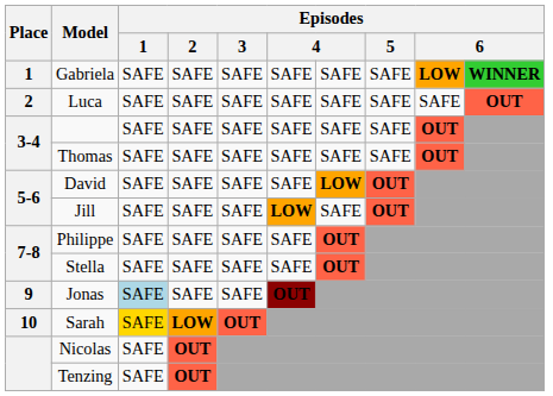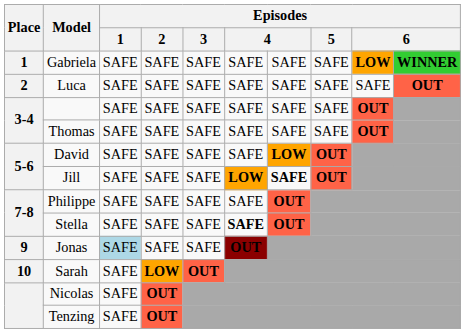 <table class="wikitable" style="text-align:center; font-size:92%">
 <tr>
 <th rowspan="2">Place</th>
 <th rowspan="2">Model</th>
 <th colspan="20">Episodes</th>
 </tr>
 <tr>
 <th>1</th>
 <th>2</th>
 <th>3</th>
 <th colspan="2">4</th>
 <th>5</th>
 <th colspan="2">6</th>
 </tr>
 <tr>
 <th>1</th>
 <td>Gabriela</td>
 <td>SAFE</td>
 <td>SAFE</td>
 <td>SAFE</td>
 <td>SAFE</td>
 <td>SAFE</td>
 <td>SAFE</td>
 <td bgcolor="orange"><strong>LOW</strong></td>
 <td style="background:limegreen;"><strong>WINNER</strong></td>
 </tr>
 <tr>
 <th>2</th>
 <td>Luca</td>
 <td>SAFE</td>
 <td>SAFE</td>
 <td>SAFE</td>
 <td>SAFE</td>
 <td>SAFE</td>
 <td>SAFE</td>
 <td>SAFE</td>
 <td style="background:tomato;"><strong>OUT</strong></td>
 </tr>
 <tr>
 <th rowspan="2">3-4</th>
 <td></td>
 <td>SAFE</td>
 <td>SAFE</td>
 <td>SAFE</td>
 <td>SAFE</td>
 <td>SAFE</td>
 <td>SAFE</td>
 <td style="background:tomato;"><strong>OUT</strong></td>
 <td style="background:darkgrey;"></td>
 </tr>
 <tr>
 <td>Thomas</td>
 <td>SAFE</td>
 <td>SAFE</td>
 <td>SAFE</td>
 <td>SAFE</td>
 <td>SAFE</td>
 <td>SAFE</td>
 <td style="background:tomato;"><strong>OUT</strong></td>
 <td style="background:darkgrey;"></td>
 </tr>
 <tr>
 <th rowspan="2">5-6</th>
 <td>David</td>
 <td>SAFE</td>
 <td>SAFE</td>
 <td>SAFE</td>
 <td>SAFE</td>
 <td bgcolor="orange"><strong>LOW</strong></td>
 <td style="background:tomato;"><strong>OUT</strong></td>
 <td colspan="25" style="background:darkgrey"></td>
 </tr>
 <tr>
 <td>Jill</td>
 <td>SAFE</td>
 <td>SAFE</td>
 <td>SAFE</td>
 <td bgcolor="orange"><strong>LOW</strong></td>
-<td>SAFE</td>
+<td><strong>SAFE</strong></td>
 <td style="background:tomato;"><strong>OUT</strong></td>
 <td colspan="25" style="background:darkgrey"></td>
 </tr>
 <tr>
 <th rowspan="2">7-8</th>
 <td>Philippe</td>
 <td>SAFE</td>
 <td>SAFE</td>
 <td>SAFE</td>
 <td>SAFE</td>
 <td style="background:tomato;"><strong>OUT</strong></td>
 <td colspan="25" style="background:darkgrey"></td>
 </tr>
 <tr>
 <td>Stella</td>
 <td>SAFE</td>
 <td>SAFE</td>
 <td>SAFE</td>
-<td>SAFE</td>
+<td><strong>SAFE</strong></td>
 <td style="background:tomato;"><strong>OUT</strong></td>
 <td colspan="25" style="background:darkgrey"></td>
 </tr>
 <tr>
 <th>9</th>
 <td>Jonas</td>
 <td style="background: lightblue;">SAFE</td>
 <td>SAFE</td>
 <td>SAFE</td>
 <td style="background:darkred;"><strong><span>OUT</span></strong></td>
 <td colspan="25" style="background:darkgrey"></td>
 </tr>
 <tr>
 <th>10</th>
 <td>Sarah</td>
-<td style="background: gold;">SAFE</td>
+<td>SAFE</td>
 <td bgcolor="orange"><strong>LOW</strong></td>
 <td style="background:tomato;"><strong>OUT</strong></td>
 <td colspan="25" style="background:darkgrey"></td>
 </tr>
 <tr>
 <th rowspan="2"></th>
 <td>Nicolas</td>
 <td>SAFE</td>
 <td style="background:tomato;"><strong>OUT</strong></td>
 <td colspan="25" style="background:darkgrey"></td>
 </tr>
 <tr>
 <td>Tenzing</td>
 <td>SAFE</td>
 <td style="background:tomato;"><strong>OUT</strong></td>
 <td colspan="25" style="background:darkgrey"></td>
 </tr>
 </table>
